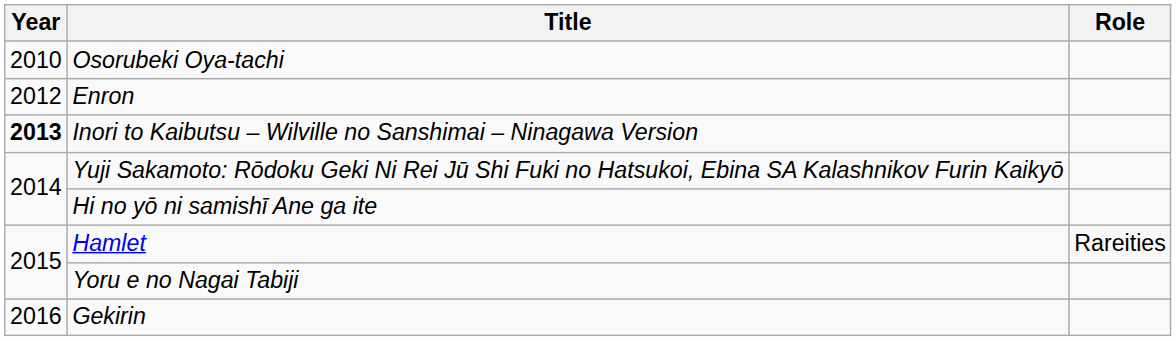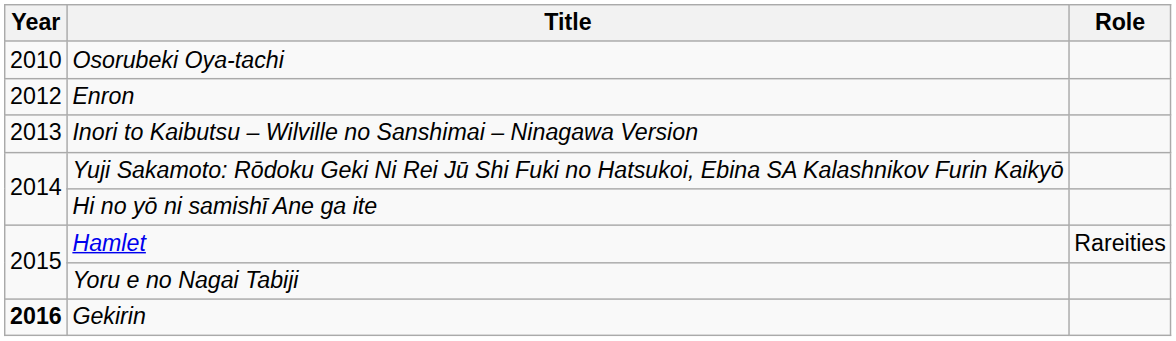 <table class="wikitable">
 <tr>
 <th>Year</th>
 <th>Title</th>
 <th>Role</th>
 </tr>
 <tr>
 <td>2010</td>
 <td><em>Osorubeki Oya-tachi</em></td>
 <td></td>
 </tr>
 <tr>
 <td>2012</td>
 <td><em>Enron</em></td>
 <td></td>
 </tr>
 <tr>
-<td><strong>2013</strong></td>
+<td>2013</td>
 <td><em>Inori to Kaibutsu – Wilville no Sanshimai – Ninagawa Version</em></td>
 <td></td>
 </tr>
 <tr>
 <td rowspan="2">2014</td>
 <td><em>Yuji Sakamoto: Rōdoku Geki Ni Rei Jū Shi Fuki no Hatsukoi, Ebina SA Kalashnikov Furin Kaikyō</em></td>
 <td></td>
 </tr>
 <tr>
 <td><em>Hi no yō ni samishī Ane ga ite</em></td>
 <td></td>
 </tr>
 <tr>
 <td rowspan="2">2015</td>
 <td><em><a href='#'>Hamlet</a></em></td>
 <td>Rareities</td>
 </tr>
 <tr>
 <td><em>Yoru e no Nagai Tabiji</em></td>
 <td></td>
 </tr>
 <tr>
-<td>2016</td>
+<td><strong>2016</strong></td>
 <td><em>Gekirin</em></td>
 <td></td>
 </tr>
 </table>
